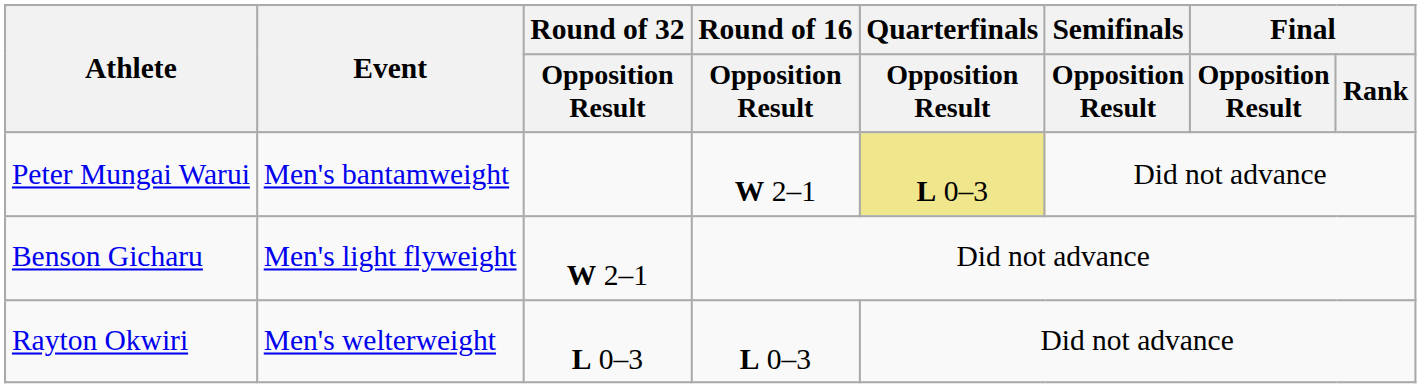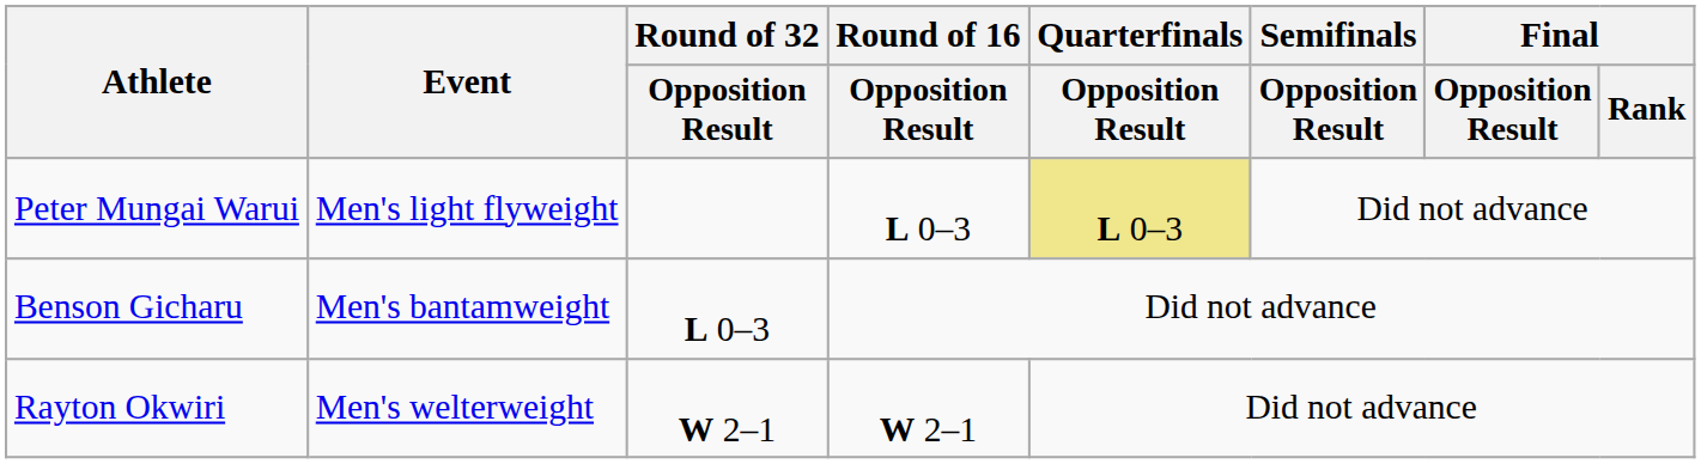 <table class="wikitable" style="font-size:90%">
 <tr>
 <th rowspan="2">Athlete</th>
 <th rowspan="2">Event</th>
 <th>Round of 32</th>
 <th>Round of 16</th>
 <th>Quarterfinals</th>
 <th>Semifinals</th>
 <th colspan=2>Final</th>
 </tr>
 <tr style="font-size:95%">
 <th>Opposition<br>Result</th>
 <th>Opposition<br>Result</th>
 <th>Opposition<br>Result</th>
 <th>Opposition<br>Result</th>
 <th>Opposition<br>Result</th>
 <th>Rank</th>
 </tr>
 <tr align=center>
 <td align=left><a href='#'>Peter Mungai Warui</a></td>
-<td align=left><a href='#'>Men's bantamweight</a></td>
+<td align=left><a href='#'>Men's light flyweight</a></td>
 <td></td>
-<td><br><strong>W</strong> 2–1</td>
+<td><br><strong>L</strong> 0–3</td>
 <td style="background: khaki;"><br><strong>L</strong> 0–3</td>
 <td colspan=3>Did not advance</td>
 </tr>
 <tr align=center>
 <td align=left><a href='#'>Benson Gicharu</a></td>
-<td align=left><a href='#'>Men's light flyweight</a></td>
-<td><br><strong>W</strong> 2–1</td>
+<td align=left><a href='#'>Men's bantamweight</a></td>
+<td><br><strong>L</strong> 0–3</td>
 <td colspan=5>Did not advance</td>
 </tr>
 <tr align=center>
 <td align=left><a href='#'>Rayton Okwiri</a></td>
 <td align=left><a href='#'>Men's welterweight</a></td>
-<td><br><strong>L</strong> 0–3</td>
-<td><br><strong>L</strong> 0–3</td>
+<td><br><strong>W</strong> 2–1</td>
+<td><br><strong>W</strong> 2–1</td>
 <td colspan=4>Did not advance</td>
 </tr>
 </table>
